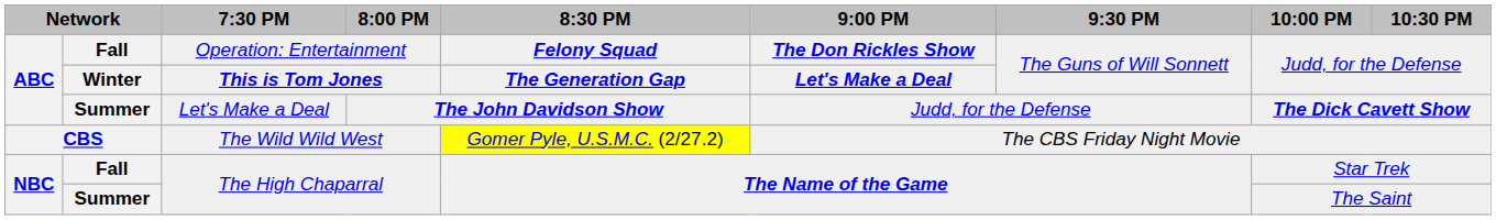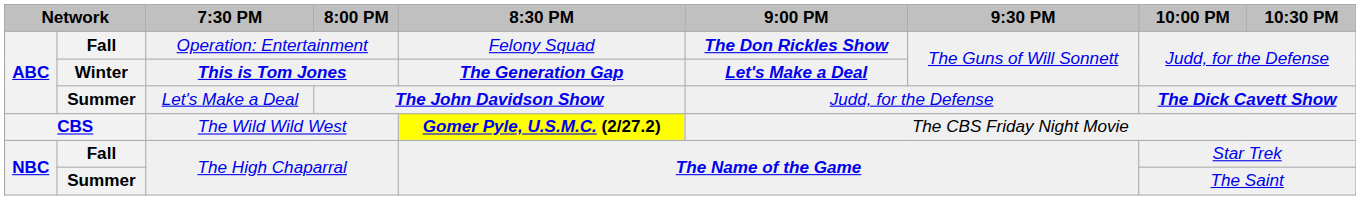 <table class="wikitable" style="width:100%;margin-right:0;text-align:center">
 <tr>
 <th colspan="2" style="background-color:#C0C0C0;text-align:center">Network</th>
 <th style="background-color:#C0C0C0;text-align:center">7:30 PM</th>
 <th style="background-color:#C0C0C0;text-align:center">8:00 PM</th>
 <th style="background-color:#C0C0C0;text-align:center">8:30 PM</th>
 <th style="background-color:#C0C0C0;text-align:center">9:00 PM</th>
 <th style="background-color:#C0C0C0;text-align:center">9:30 PM</th>
 <th style="background-color:#C0C0C0;text-align:center">10:00 PM</th>
 <th style="background-color:#C0C0C0;text-align:center">10:30 PM</th>
 </tr>
 <tr>
 <th bgcolor="#C0C0C0" rowspan="3"><a href='#'>ABC</a></th>
 <th>Fall</th>
 <td bgcolor="#F0F0F0" colspan="2"><em><a href='#'>Operation: Entertainment</a></em></td>
-<td bgcolor="#F0F0F0"><strong><em><a href='#'>Felony Squad</a></em></strong></td>
+<td bgcolor="#F0F0F0"><em><a href='#'>Felony Squad</a></em></td>
 <td bgcolor="#F0F0F0"><strong><em><a href='#'>The Don Rickles Show</a></em></strong></td>
 <td bgcolor="#F0F0F0" rowspan="2"><em><a href='#'>The Guns of Will Sonnett</a></em></td>
 <td bgcolor="#F0F0F0" colspan="2" rowspan="2"><em><a href='#'>Judd, for the Defense</a></em></td>
 </tr>
 <tr>
 <th>Winter</th>
 <td bgcolor="#F0F0F0" colspan="2"><strong><em><a href='#'>This is Tom Jones</a></em></strong></td>
 <td bgcolor="#F0F0F0"><strong><em><a href='#'>The Generation Gap</a></em></strong></td>
 <td bgcolor="#F0F0F0"><strong><em><a href='#'>Let's Make a Deal</a></em></strong></td>
 </tr>
 <tr>
 <th>Summer</th>
 <td bgcolor="#F0F0F0"><em><a href='#'>Let's Make a Deal</a></em></td>
 <td bgcolor="#F0F0F0" colspan="2"><strong><em><a href='#'>The John Davidson Show</a></em></strong></td>
 <td bgcolor="#F0F0F0" colspan="2"><em><a href='#'>Judd, for the Defense</a></em></td>
 <td bgcolor="#F0F0F0" colspan="2"><strong><em><a href='#'>The Dick Cavett Show</a></em></strong></td>
 </tr>
 <tr>
 <th bgcolor="#C0C0C0" colspan="2"><a href='#'>CBS</a></th>
 <td bgcolor="#F0F0F0" colspan="2"><em><a href='#'>The Wild Wild West</a></em></td>
-<td bgcolor="#FFFF00"><em><a href='#'>Gomer Pyle, U.S.M.C.</a></em> (2/27.2)</td>
+<td bgcolor="#FFFF00"><strong><em><a href='#'>Gomer Pyle, U.S.M.C.</a></em> (2/27.2)</strong></td>
 <td bgcolor="#F0F0F0" colspan="4"><em>The CBS Friday Night Movie</em></td>
 </tr>
 <tr>
 <th rowspan="2" bgcolor="#C0C0C0"><a href='#'>NBC</a></th>
 <th>Fall</th>
 <td colspan="2" rowspan="2" bgcolor="#F0F0F0"><em><a href='#'>The High Chaparral</a></em></td>
 <td colspan="3" rowspan="2" bgcolor="#F0F0F0"><strong><em><a href='#'>The Name of the Game</a></em></strong></td>
 <td bgcolor="#F0F0F0" colspan="2"><em><a href='#'>Star Trek</a></em></td>
 </tr>
 <tr>
 <th>Summer</th>
 <td colspan="2" bgcolor="#F0F0F0"><em><a href='#'>The Saint</a></em></td>
 </tr>
 </table>
